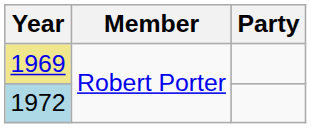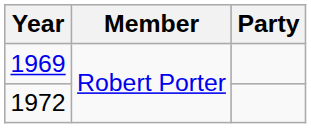 <table class="wikitable">
 <tr>
 <th>Year</th>
 <th>Member</th>
 <th colspan=2>Party</th>
 </tr>
 <tr>
-<td style="background: khaki;"><a href='#'>1969</a></td>
+<td><a href='#'>1969</a></td>
 <td rowspan="2"><a href='#'>Robert Porter</a></td>
 <td></td>
 </tr>
 <tr>
-<td style="background: lightblue;">1972</td>
+<td>1972</td>
 <td></td>
 </tr>
 </table>
